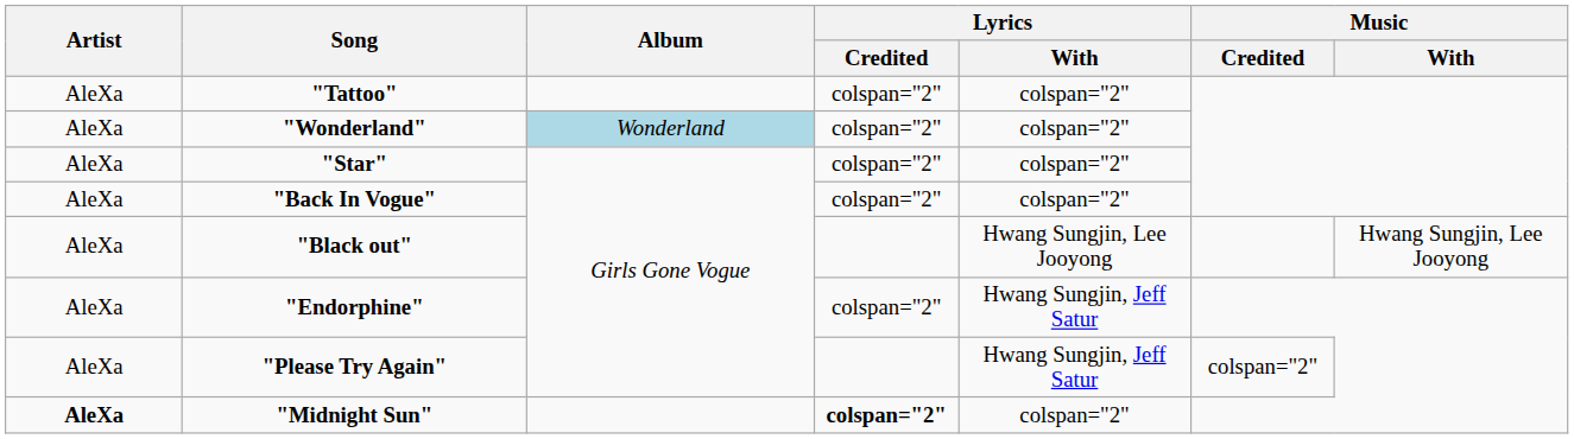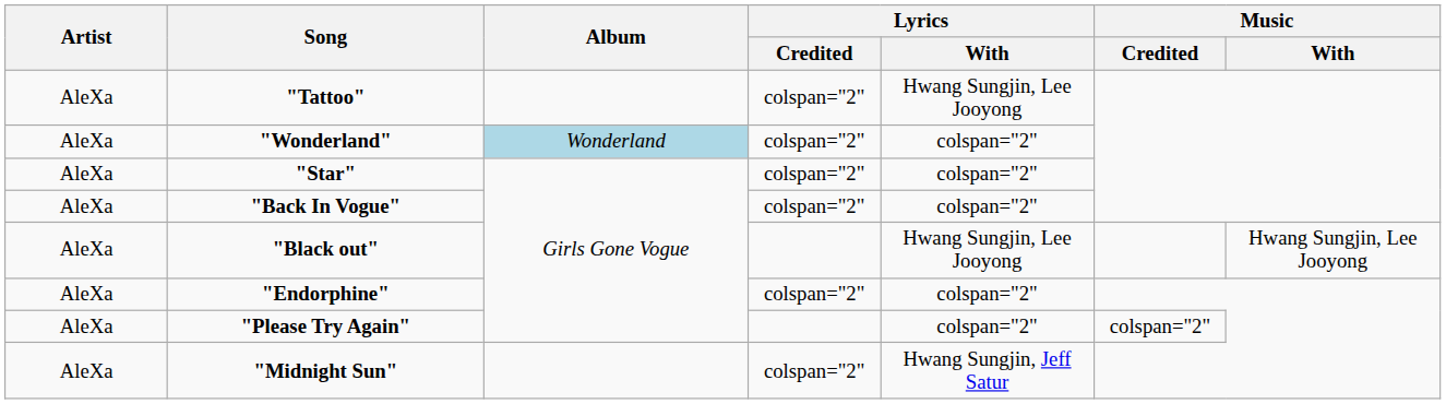 <table class="wikitable" style="text-align:center;">
 <tr>
 <th rowspan="2" style="width:7.5em;">Artist</th>
 <th rowspan="2" style="width:15em;">Song</th>
 <th rowspan="2" style="width:12.5em;">Album</th>
 <th colspan="2" style="width:16em;">Lyrics</th>
 <th colspan="2" style="width:16em;">Music</th>
 </tr>
 <tr>
 <th style="width:6em;">Credited</th>
 <th style="width:10em;">With</th>
 <th style="width:6em;">Credited</th>
 <th style="width:10em;">With</th>
 </tr>
 <tr>
 <td>AleXa</td>
 <td><strong>"Tattoo"</strong></td>
 <td></td>
 <td>colspan="2" </td>
-<td>colspan="2" </td>
+<td>Hwang Sungjin, Lee Jooyong</td>
 </tr>
 <tr>
 <td>AleXa</td>
 <td><strong>"Wonderland"</strong></td>
 <td style="background: lightblue;"><em>Wonderland</em></td>
 <td>colspan="2" </td>
 <td>colspan="2" </td>
 </tr>
 <tr>
 <td>AleXa </td>
 <td><strong>"Star"</strong></td>
 <td rowspan="5"><em>Girls Gone Vogue</em></td>
 <td>colspan="2" </td>
 <td>colspan="2" </td>
 </tr>
 <tr>
 <td>AleXa</td>
 <td><strong>"Back In Vogue"</strong></td>
 <td>colspan="2" </td>
 <td>colspan="2" </td>
 </tr>
 <tr>
 <td>AleXa</td>
 <td><strong>"Black out"</strong></td>
 <td></td>
 <td>Hwang Sungjin, Lee Jooyong</td>
 <td></td>
 <td>Hwang Sungjin, Lee Jooyong</td>
 </tr>
 <tr>
 <td>AleXa</td>
 <td><strong>"Endorphine"</strong></td>
 <td>colspan="2" </td>
-<td>Hwang Sungjin, <a href='#'>Jeff Satur</a></td>
+<td>colspan="2" </td>
 </tr>
 <tr>
 <td>AleXa</td>
 <td><strong>"Please Try Again"</strong></td>
 <td></td>
-<td>Hwang Sungjin, <a href='#'>Jeff Satur</a></td>
+<td>colspan="2" </td>
 <td>colspan="2" </td>
 </tr>
 <tr>
-<td><strong>AleXa</strong></td>
+<td>AleXa</td>
 <td><strong>"Midnight Sun"</strong></td>
 <td></td>
-<td><strong>colspan="2" </strong></td>
 <td>colspan="2" </td>
+<td>Hwang Sungjin, <a href='#'>Jeff Satur</a></td>
 </tr>
 </table>
